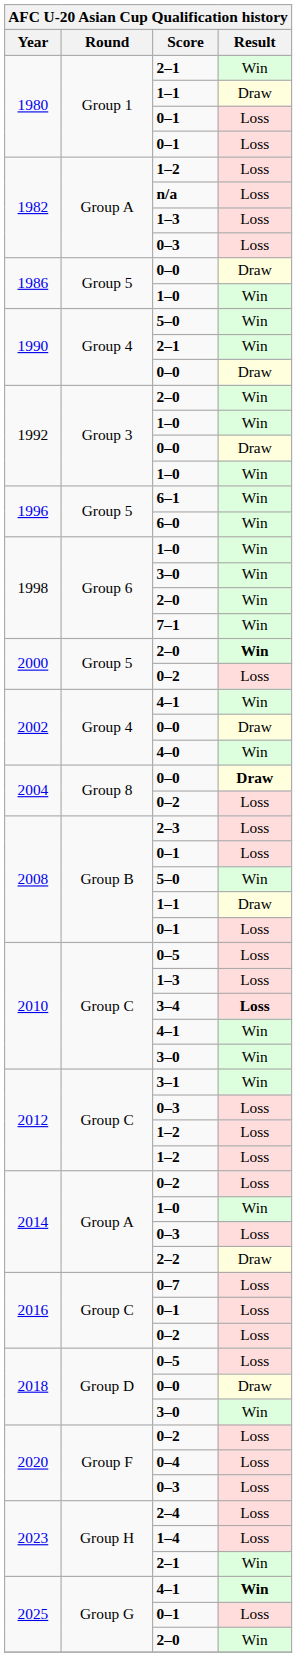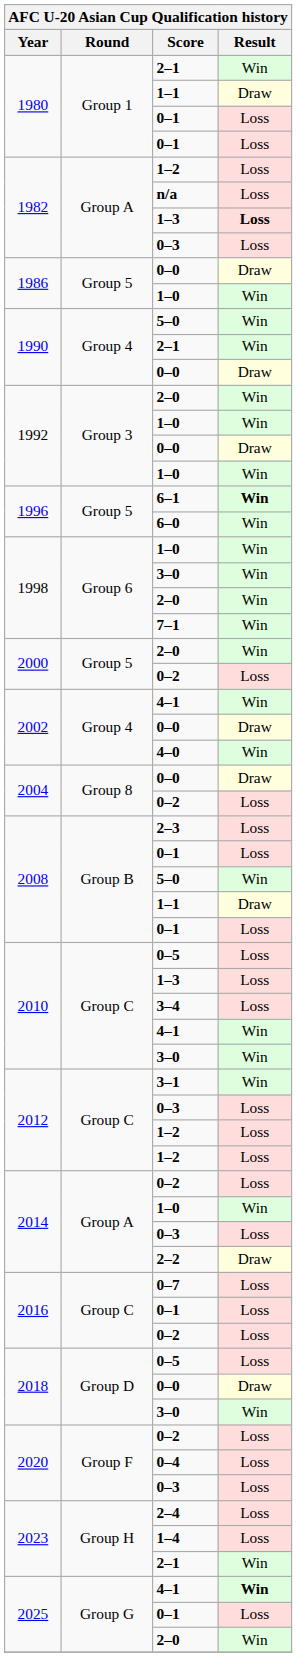 <table class="wikitable collapsible collapsed" style="text-align: center;font-size:85%;">
 <tr>
 <th colspan=4>AFC U-20 Asian Cup Qualification history</th>
 </tr>
 <tr>
 <th>Year</th>
 <th>Round</th>
 <th>Score</th>
 <th>Result</th>
 </tr>
 <tr>
 <td rowspan=4><a href='#'>1980</a></td>
 <td rowspan=4>Group 1</td>
 <td align="left"> <strong>2–1</strong> </td>
 <td style="background:#dfd;">Win</td>
 </tr>
 <tr>
 <td align="left"> <strong>1–1</strong> </td>
 <td style="background:#ffd;">Draw</td>
 </tr>
 <tr>
 <td align="left"> <strong>0–1</strong> </td>
 <td style="background:#fdd;">Loss</td>
 </tr>
 <tr>
 <td align="left"> <strong>0–1</strong> </td>
 <td style="background:#fdd;">Loss</td>
 </tr>
 <tr>
 <td rowspan=4><a href='#'>1982</a></td>
 <td rowspan=4>Group A</td>
 <td align="left"> <strong>1–2</strong> </td>
 <td style="background:#fdd;">Loss</td>
 </tr>
 <tr>
 <td align="left"> <strong>n/a</strong> </td>
 <td style="background:#fdd;">Loss</td>
 </tr>
 <tr>
 <td align="left"> <strong>1–3</strong> </td>
-<td style="background:#fdd;">Loss</td>
+<td style="background:#fdd;"><strong>Loss</strong></td>
 </tr>
 <tr>
 <td align="left"> <strong>0–3</strong> </td>
 <td style="background:#fdd;">Loss</td>
 </tr>
 <tr>
 <td rowspan=2><a href='#'>1986</a></td>
 <td rowspan=2>Group 5</td>
 <td align="left"> <strong>0–0</strong> </td>
 <td style="background:#ffd;">Draw</td>
 </tr>
 <tr>
 <td align="left"> <strong>1–0</strong> </td>
 <td style="background:#dfd;">Win</td>
 </tr>
 <tr>
 <td rowspan=3><a href='#'>1990</a></td>
 <td rowspan=3>Group 4</td>
 <td align="left"> <strong>5–0</strong> </td>
 <td style="background:#dfd;">Win</td>
 </tr>
 <tr>
 <td align="left"> <strong>2–1</strong> </td>
 <td style="background:#dfd;">Win</td>
 </tr>
 <tr>
 <td align="left"> <strong>0–0</strong> </td>
 <td style="background:#ffd;">Draw</td>
 </tr>
 <tr>
 <td rowspan=4>1992</td>
 <td rowspan=4>Group 3</td>
 <td align="left"> <strong>2–0</strong> </td>
 <td style="background:#dfd;">Win</td>
 </tr>
 <tr>
 <td align="left"> <strong>1–0</strong> </td>
 <td style="background:#dfd;">Win</td>
 </tr>
 <tr>
 <td align="left"> <strong>0–0</strong> </td>
 <td style="background:#ffd;">Draw</td>
 </tr>
 <tr>
 <td align="left"> <strong>1–0</strong> </td>
 <td style="background:#dfd;">Win</td>
 </tr>
 <tr>
 <td rowspan=2><a href='#'>1996</a></td>
 <td rowspan=2>Group 5</td>
 <td align="left"> <strong>6–1</strong> </td>
-<td style="background:#dfd;">Win</td>
+<td style="background:#dfd;"><strong>Win</strong></td>
 </tr>
 <tr>
 <td align="left"> <strong>6–0</strong> </td>
 <td style="background:#dfd;">Win</td>
 </tr>
 <tr>
 <td rowspan=4>1998</td>
 <td rowspan=4>Group 6</td>
 <td align="left"> <strong>1–0</strong> </td>
 <td style="background:#dfd;">Win</td>
 </tr>
 <tr>
 <td align="left"> <strong>3–0</strong> </td>
 <td style="background:#dfd;">Win</td>
 </tr>
 <tr>
 <td align="left"> <strong>2–0</strong> </td>
 <td style="background:#dfd;">Win</td>
 </tr>
 <tr>
 <td align="left"> <strong>7–1</strong> </td>
 <td style="background:#dfd;">Win</td>
 </tr>
 <tr>
 <td rowspan=2><a href='#'>2000</a></td>
 <td rowspan=2>Group 5</td>
 <td align="left"> <strong>2–0</strong> </td>
-<td style="background:#dfd;"><strong>Win</strong></td>
+<td style="background:#dfd;">Win</td>
 </tr>
 <tr>
 <td align="left"> <strong>0–2</strong> </td>
 <td style="background:#fdd;">Loss</td>
 </tr>
 <tr>
 <td rowspan=3><a href='#'>2002</a></td>
 <td rowspan=3>Group 4</td>
 <td align="left"> <strong>4–1</strong> </td>
 <td style="background:#dfd;">Win</td>
 </tr>
 <tr>
 <td align="left"> <strong>0–0</strong> </td>
 <td style="background:#ffd;">Draw</td>
 </tr>
 <tr>
 <td align="left"> <strong>4–0</strong> </td>
 <td style="background:#dfd;">Win</td>
 </tr>
 <tr>
 <td rowspan=2><a href='#'>2004</a></td>
 <td rowspan=2>Group 8</td>
 <td align="left"> <strong>0–0</strong> </td>
-<td style="background:#ffd;"><strong>Draw</strong></td>
+<td style="background:#ffd;">Draw</td>
 </tr>
 <tr>
 <td align="left"> <strong>0–2</strong> </td>
 <td style="background:#fdd;">Loss</td>
 </tr>
 <tr>
 <td rowspan=5><a href='#'>2008</a></td>
 <td rowspan=5>Group B</td>
 <td align="left"> <strong>2–3</strong> </td>
 <td style="background:#fdd;">Loss</td>
 </tr>
 <tr>
 <td align="left"> <strong>0–1</strong> </td>
 <td style="background:#fdd;">Loss</td>
 </tr>
 <tr>
 <td align="left"> <strong>5–0</strong> </td>
 <td style="background:#dfd;">Win</td>
 </tr>
 <tr>
 <td align="left"> <strong>1–1</strong> </td>
 <td style="background:#ffd;">Draw</td>
 </tr>
 <tr>
 <td align="left"> <strong>0–1</strong> </td>
 <td style="background:#fdd;">Loss</td>
 </tr>
 <tr>
 <td rowspan=5><a href='#'>2010</a></td>
 <td rowspan=5>Group C</td>
 <td align="left"> <strong>0–5</strong> </td>
 <td style="background:#fdd;">Loss</td>
 </tr>
 <tr>
 <td align="left"> <strong>1–3</strong> </td>
 <td style="background:#fdd;">Loss</td>
 </tr>
 <tr>
 <td align="left"> <strong>3–4</strong> </td>
-<td style="background:#fdd;"><strong>Loss</strong></td>
+<td style="background:#fdd;">Loss</td>
 </tr>
 <tr>
 <td align="left"> <strong>4–1</strong> </td>
 <td style="background:#dfd;">Win</td>
 </tr>
 <tr>
 <td align="left"> <strong>3–0</strong> </td>
 <td style="background:#dfd;">Win</td>
 </tr>
 <tr>
 <td rowspan=4><a href='#'>2012</a></td>
 <td rowspan=4>Group C</td>
 <td align="left"> <strong>3–1</strong> </td>
 <td style="background:#dfd;">Win</td>
 </tr>
 <tr>
 <td align="left"> <strong>0–3</strong> </td>
 <td style="background:#fdd;">Loss</td>
 </tr>
 <tr>
 <td align="left"> <strong>1–2</strong> </td>
 <td style="background:#fdd;">Loss</td>
 </tr>
 <tr>
 <td align="left"> <strong>1–2</strong> </td>
 <td style="background:#fdd;">Loss</td>
 </tr>
 <tr>
 <td rowspan=4><a href='#'>2014</a></td>
 <td rowspan=4>Group A</td>
 <td align="left"> <strong>0–2</strong> </td>
 <td style="background:#fdd;">Loss</td>
 </tr>
 <tr>
 <td align="left"> <strong>1–0</strong> </td>
 <td style="background:#dfd;">Win</td>
 </tr>
 <tr>
 <td align="left"> <strong>0–3</strong> </td>
 <td style="background:#fdd;">Loss</td>
 </tr>
 <tr>
 <td align="left"> <strong>2–2</strong> </td>
 <td style="background:#ffd;">Draw</td>
 </tr>
 <tr>
 <td rowspan=3><a href='#'>2016</a></td>
 <td rowspan=3>Group C</td>
 <td align="left"> <strong>0–7</strong> </td>
 <td style="background:#fdd;">Loss</td>
 </tr>
 <tr>
 <td align="left"> <strong>0–1</strong> </td>
 <td style="background:#fdd;">Loss</td>
 </tr>
 <tr>
 <td align="left"> <strong>0–2</strong> </td>
 <td style="background:#fdd;">Loss</td>
 </tr>
 <tr>
 <td rowspan=3><a href='#'>2018</a></td>
 <td rowspan=3>Group D</td>
 <td align="left"> <strong>0–5</strong> </td>
 <td style="background:#fdd;">Loss</td>
 </tr>
 <tr>
 <td align="left"> <strong>0–0</strong> </td>
 <td style="background:#ffd;">Draw</td>
 </tr>
 <tr>
 <td align="left"> <strong>3–0</strong> </td>
 <td style="background:#dfd;">Win</td>
 </tr>
 <tr>
 <td rowspan=3><a href='#'>2020</a></td>
 <td rowspan=3>Group F</td>
 <td align="left"> <strong>0–2</strong> </td>
 <td style="background:#fdd;">Loss</td>
 </tr>
 <tr>
 <td align="left"> <strong>0–4</strong> </td>
 <td style="background:#fdd;">Loss</td>
 </tr>
 <tr>
 <td align="left"> <strong>0–3</strong> </td>
 <td style="background:#fdd;">Loss</td>
 </tr>
 <tr>
 <td rowspan=3><a href='#'>2023</a></td>
 <td rowspan=3>Group H</td>
 <td align="left"> <strong>2–4</strong> </td>
 <td style="background:#fdd;">Loss</td>
 </tr>
 <tr>
 <td align="left"> <strong>1–4</strong> </td>
 <td style="background:#fdd;">Loss</td>
 </tr>
 <tr>
 <td align="left"> <strong>2–1</strong> </td>
 <td style="background:#dfd;">Win</td>
 </tr>
 <tr>
 <td rowspan=3><a href='#'>2025</a></td>
 <td rowspan=3>Group G</td>
 <td align="left"> <strong>4–1</strong> </td>
 <td style="background:#dfd;"><strong>Win</strong></td>
 </tr>
 <tr>
 <td align="left"> <strong> 0–1 </strong> </td>
 <td style="background:#fdd;">Loss</td>
 </tr>
 <tr>
 <td align="left"> <strong> 2–0 </strong> </td>
 <td style="background:#dfd;">Win</td>
 </tr>
 <tr>
 </tr>
 </table>
